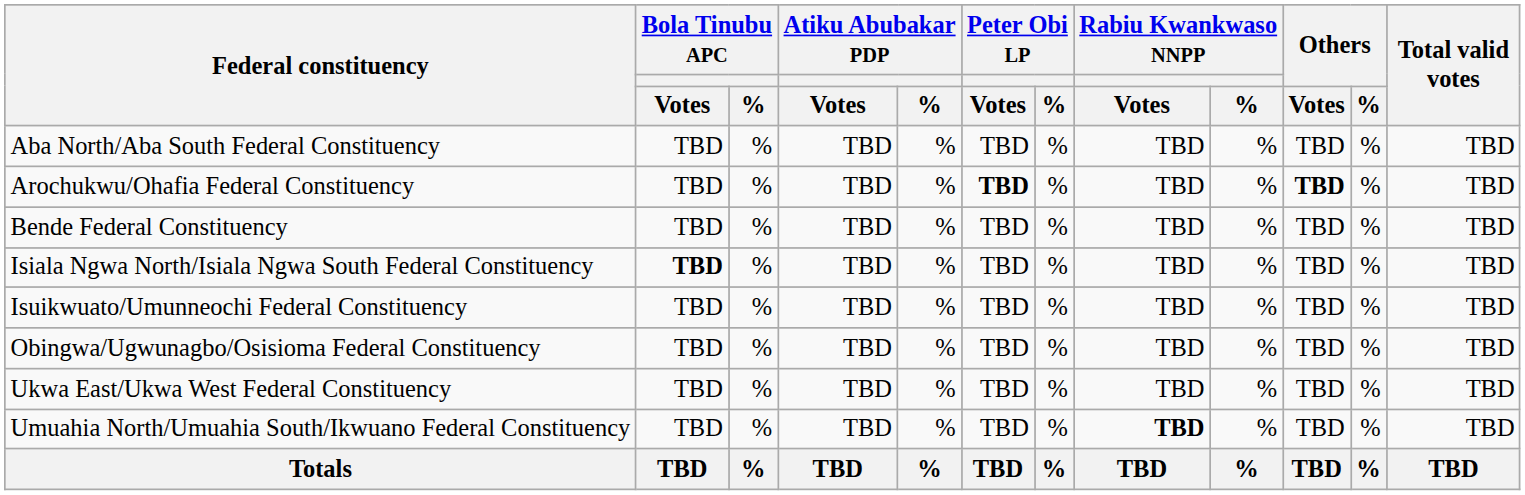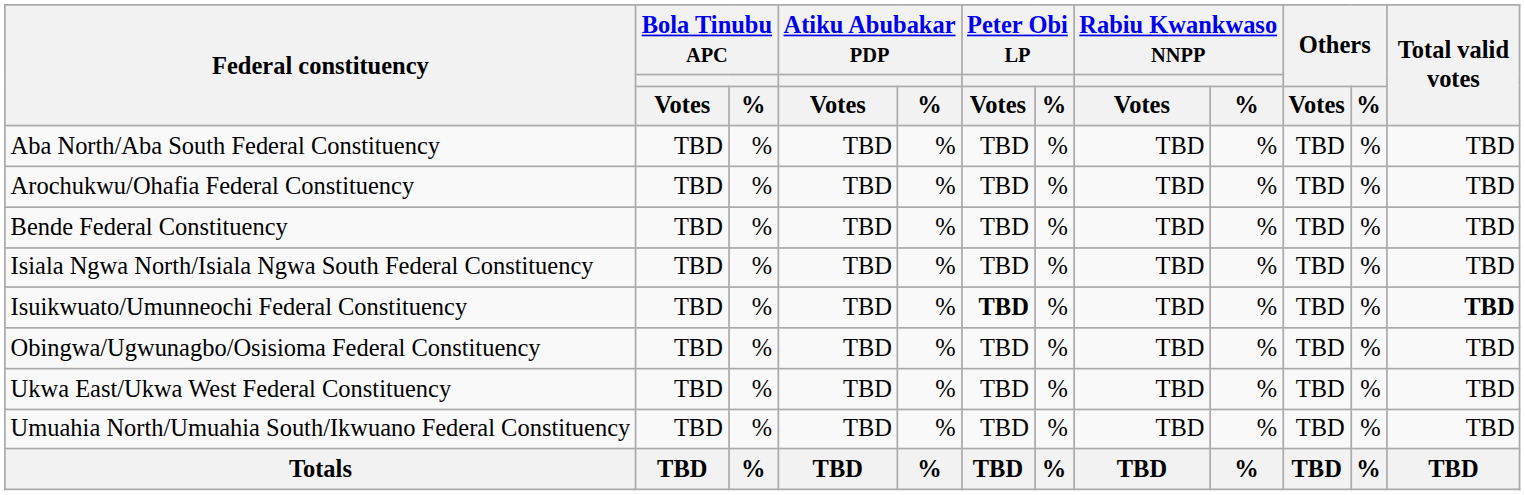 <table class="wikitable sortable" style="text-align:right; font-size:90%">
 <tr>
 <th rowspan="3" style="max-width:7.5em;">Federal constituency</th>
 <th colspan="2"><a href='#'>Bola Tinubu</a><br><small>APC</small></th>
 <th colspan="2"><a href='#'>Atiku Abubakar</a><br><small>PDP</small></th>
 <th colspan="2"><a href='#'>Peter Obi</a><br><small>LP</small></th>
 <th colspan="2"><a href='#'>Rabiu Kwankwaso</a><br><small>NNPP</small></th>
 <th colspan="2" rowspan="2">Others</th>
 <th rowspan="3" style="max-width:5em;">Total valid votes</th>
 </tr>
 <tr>
 <th colspan=2 style="background-color:"></th>
 <th colspan=2 style="background-color:"></th>
 <th colspan=2 style="background-color:"></th>
 <th colspan=2 style="background-color:"></th>
 </tr>
 <tr>
 <th>Votes</th>
 <th>%</th>
 <th>Votes</th>
 <th>%</th>
 <th>Votes</th>
 <th>%</th>
 <th>Votes</th>
 <th>%</th>
 <th>Votes</th>
 <th>%</th>
 </tr>
 <tr style="background-color:#">
 <td style="text-align:left;">Aba North/Aba South Federal Constituency</td>
 <td>TBD</td>
 <td>%</td>
 <td>TBD</td>
 <td>%</td>
 <td>TBD</td>
 <td>%</td>
 <td>TBD</td>
 <td>%</td>
 <td>TBD</td>
 <td>%</td>
 <td>TBD</td>
 </tr>
 <tr style="background-color:#">
 <td style="text-align:left;">Arochukwu/Ohafia Federal Constituency</td>
 <td>TBD</td>
 <td>%</td>
 <td>TBD</td>
 <td>%</td>
-<td><strong>TBD</strong></td>
+<td>TBD</td>
 <td>%</td>
 <td>TBD</td>
 <td>%</td>
-<td><strong>TBD</strong></td>
+<td>TBD</td>
 <td>%</td>
 <td>TBD</td>
 </tr>
 <tr style="background-color:#">
 <td style="text-align:left;">Bende Federal Constituency</td>
 <td>TBD</td>
 <td>%</td>
 <td>TBD</td>
 <td>%</td>
 <td>TBD</td>
 <td>%</td>
 <td>TBD</td>
 <td>%</td>
 <td>TBD</td>
 <td>%</td>
 <td>TBD</td>
 </tr>
 <tr style="background-color:#">
 <td style="text-align:left;">Isiala Ngwa North/Isiala Ngwa South Federal Constituency</td>
-<td><strong>TBD</strong></td>
+<td>TBD</td>
 <td>%</td>
 <td>TBD</td>
 <td>%</td>
 <td>TBD</td>
 <td>%</td>
 <td>TBD</td>
 <td>%</td>
 <td>TBD</td>
 <td>%</td>
 <td>TBD</td>
 </tr>
 <tr style="background-color:#">
 <td style="text-align:left;">Isuikwuato/Umunneochi Federal Constituency</td>
 <td>TBD</td>
 <td>%</td>
 <td>TBD</td>
 <td>%</td>
-<td>TBD</td>
+<td><strong>TBD</strong></td>
 <td>%</td>
 <td>TBD</td>
 <td>%</td>
 <td>TBD</td>
 <td>%</td>
-<td>TBD</td>
+<td><strong>TBD</strong></td>
 </tr>
 <tr style="background-color:#">
 <td style="text-align:left;">Obingwa/Ugwunagbo/Osisioma Federal Constituency</td>
 <td>TBD</td>
 <td>%</td>
 <td>TBD</td>
 <td>%</td>
 <td>TBD</td>
 <td>%</td>
 <td>TBD</td>
 <td>%</td>
 <td>TBD</td>
 <td>%</td>
 <td>TBD</td>
 </tr>
 <tr style="background-color:#">
 <td style="text-align:left;">Ukwa East/Ukwa West Federal Constituency</td>
 <td>TBD</td>
 <td>%</td>
 <td>TBD</td>
 <td>%</td>
 <td>TBD</td>
 <td>%</td>
 <td>TBD</td>
 <td>%</td>
 <td>TBD</td>
 <td>%</td>
 <td>TBD</td>
 </tr>
 <tr style="background-color:#">
 <td style="text-align:left;">Umuahia North/Umuahia South/Ikwuano Federal Constituency</td>
 <td>TBD</td>
 <td>%</td>
 <td>TBD</td>
 <td>%</td>
 <td>TBD</td>
 <td>%</td>
-<td><strong>TBD</strong></td>
+<td>TBD</td>
 <td>%</td>
 <td>TBD</td>
 <td>%</td>
 <td>TBD</td>
 </tr>
 <tr>
 <th>Totals</th>
 <th>TBD</th>
 <th>%</th>
 <th>TBD</th>
 <th>%</th>
 <th>TBD</th>
 <th>%</th>
 <th>TBD</th>
 <th>%</th>
 <th>TBD</th>
 <th>%</th>
 <th>TBD</th>
 </tr>
 </table>
